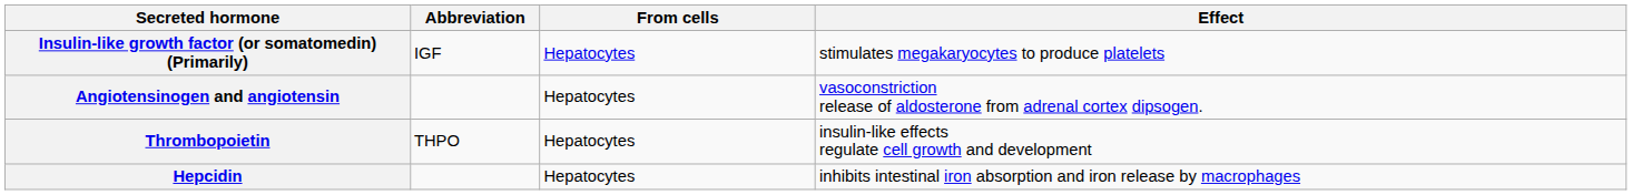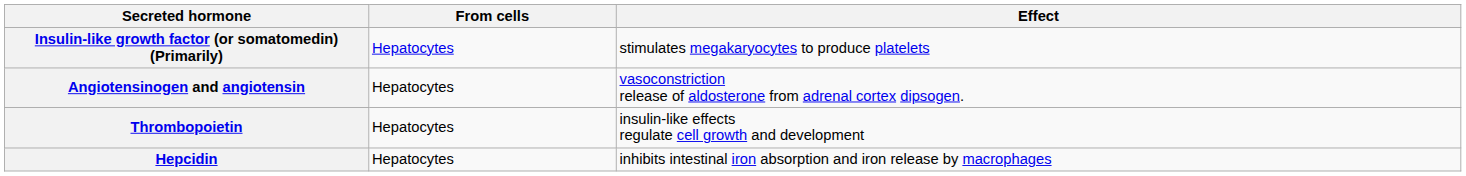 <table class="wikitable" width=100%>
 <tr>
 <th width=25%>Secreted hormone</th>
-<th width=8%>Abbreviation</th>
 <th width=17%>From cells</th>
 <th>Effect</th>
 </tr>
 <tr>
 <th><a href='#'>Insulin-like growth factor</a> (or somatomedin) (Primarily)</th>
-<td>IGF</td>
 <td><a href='#'>Hepatocytes</a></td>
 <td>stimulates <a href='#'>megakaryocytes</a> to produce <a href='#'>platelets</a></td>
 </tr>
 <tr>
 <th><a href='#'>Angiotensinogen</a> and <a href='#'>angiotensin</a></th>
-<td></td>
 <td>Hepatocytes</td>
 <td><a href='#'>vasoconstriction</a><br>release of <a href='#'>aldosterone</a> from <a href='#'>adrenal cortex</a> <a href='#'>dipsogen</a>.</td>
 </tr>
 <tr>
 <th><a href='#'>Thrombopoietin</a></th>
-<td>THPO</td>
 <td>Hepatocytes</td>
 <td>insulin-like effects<br>regulate <a href='#'>cell growth</a> and development</td>
 </tr>
 <tr>
 <th><a href='#'>Hepcidin</a></th>
-<td></td>
 <td>Hepatocytes</td>
 <td>inhibits intestinal <a href='#'>iron</a> absorption and iron release by <a href='#'>macrophages</a></td>
 </tr>
 </table>
